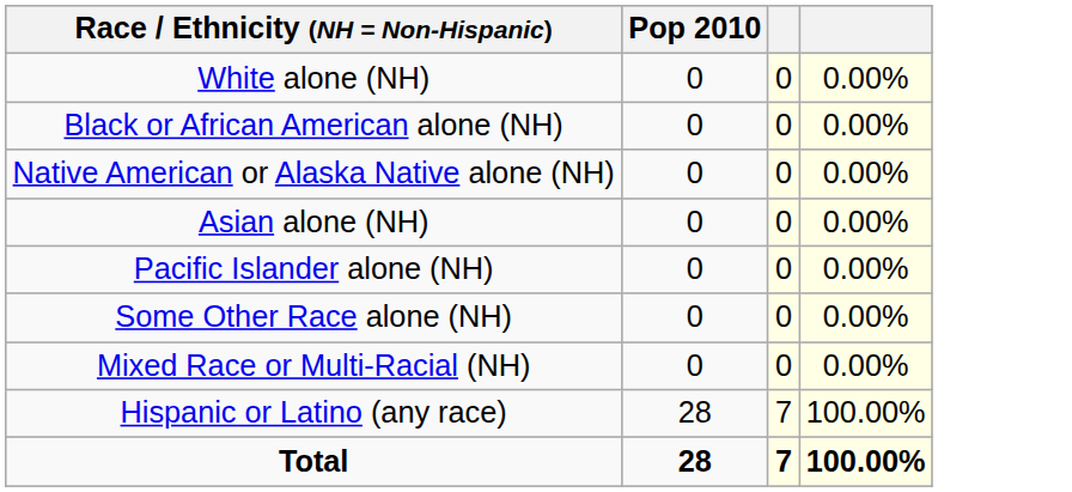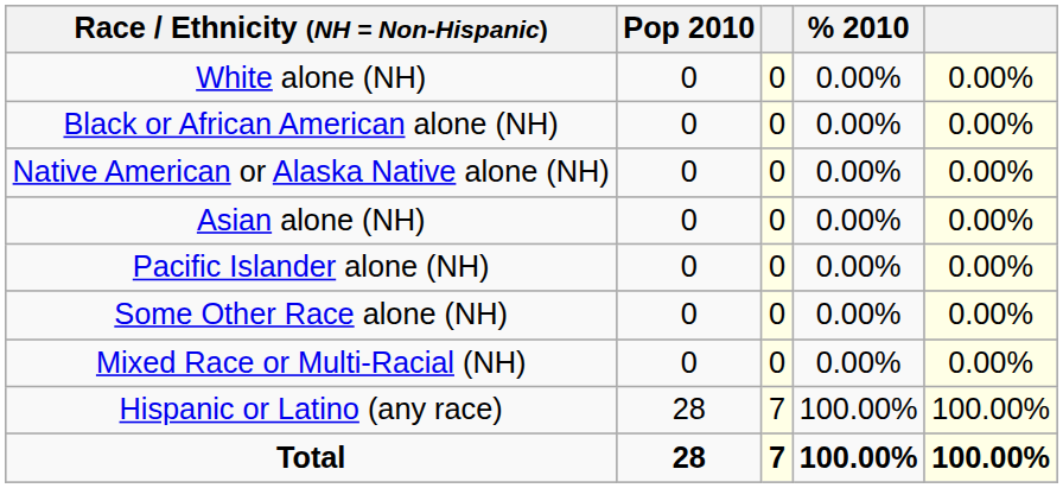 <table class="wikitable" style="text-align:center;">
 <tr>
 <th>Race / Ethnicity <small>(<em>NH = Non-Hispanic</em>)</small></th>
 <th>Pop 2010</th>
 <th></th>
+<th>% 2010</th>
 <th></th>
 </tr>
 <tr>
 <td><a href='#'>White</a> alone (NH)</td>
 <td>0</td>
 <td style='background: #ffffe6;'>0</td>
+<td>0.00%</td>
 <td style='background: #ffffe6;'>0.00%</td>
 </tr>
 <tr>
 <td><a href='#'>Black or African American</a> alone (NH)</td>
 <td>0</td>
 <td style='background: #ffffe6;'>0</td>
+<td>0.00%</td>
 <td style='background: #ffffe6;'>0.00%</td>
 </tr>
 <tr>
 <td><a href='#'>Native American</a> or <a href='#'>Alaska Native</a> alone (NH)</td>
 <td>0</td>
 <td style='background: #ffffe6;'>0</td>
+<td>0.00%</td>
 <td style='background: #ffffe6;'>0.00%</td>
 </tr>
 <tr>
 <td><a href='#'>Asian</a> alone (NH)</td>
 <td>0</td>
 <td style='background: #ffffe6;'>0</td>
+<td>0.00%</td>
 <td style='background: #ffffe6;'>0.00%</td>
 </tr>
 <tr>
 <td><a href='#'>Pacific Islander</a> alone (NH)</td>
 <td>0</td>
 <td style='background: #ffffe6;'>0</td>
+<td>0.00%</td>
 <td style='background: #ffffe6;'>0.00%</td>
 </tr>
 <tr>
 <td><a href='#'>Some Other Race</a> alone (NH)</td>
 <td>0</td>
 <td style='background: #ffffe6;'>0</td>
+<td>0.00%</td>
 <td style='background: #ffffe6;'>0.00%</td>
 </tr>
 <tr>
 <td><a href='#'>Mixed Race or Multi-Racial</a> (NH)</td>
 <td>0</td>
 <td style='background: #ffffe6;'>0</td>
+<td>0.00%</td>
 <td style='background: #ffffe6;'>0.00%</td>
 </tr>
 <tr>
 <td><a href='#'>Hispanic or Latino</a> (any race)</td>
 <td>28</td>
 <td style='background: #ffffe6;'>7</td>
+<td>100.00%</td>
 <td style='background: #ffffe6;'>100.00%</td>
 </tr>
 <tr>
 <td><strong>Total</strong></td>
 <td><strong>28</strong></td>
 <td style='background: #ffffe6;'><strong>7</strong></td>
+<td><strong>100.00%</strong></td>
 <td style='background: #ffffe6;'><strong>100.00%</strong></td>
 </tr>
 </table>
